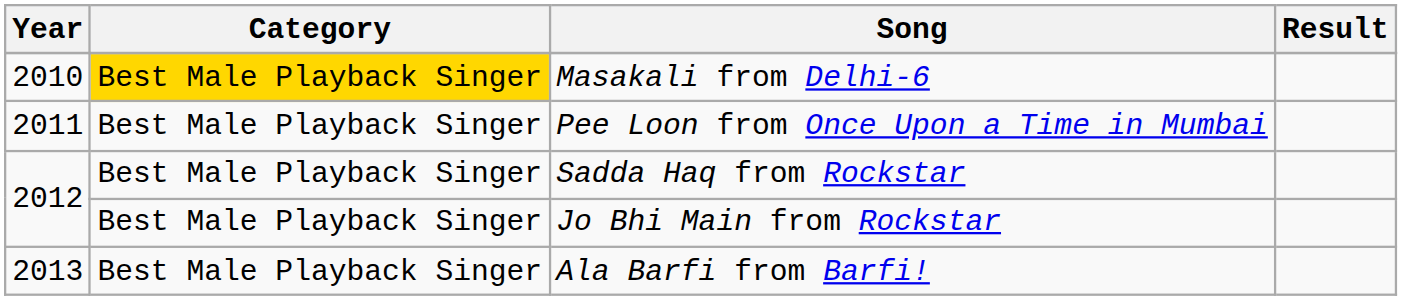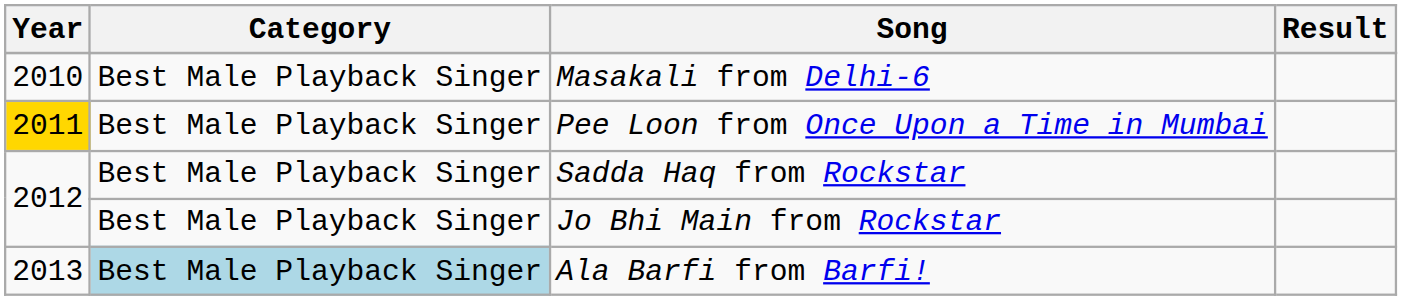 <table class="wikitable">
 <tr ---- bgcolor="#ebf5ff">
 <th>Year</th>
 <th>Category</th>
 <th>Song</th>
 <th>Result</th>
 </tr>
 <tr ---- bgcolor="#bfd7ff">
 </tr>
 <tr>
 <td>2010</td>
-<td style="background: gold;">Best Male Playback Singer</td>
+<td>Best Male Playback Singer</td>
 <td><em>Masakali</em> from <em><a href='#'>Delhi-6</a></em></td>
 <td></td>
 </tr>
 <tr>
-<td>2011</td>
+<td style="background: gold;">2011</td>
 <td>Best Male Playback Singer</td>
 <td><em>Pee Loon</em> from <em><a href='#'>Once Upon a Time in Mumbai</a></em></td>
 <td></td>
 </tr>
 <tr>
 <td rowspan="2">2012</td>
 <td>Best Male Playback Singer</td>
 <td><em>Sadda Haq</em> from <em><a href='#'>Rockstar</a></em></td>
 <td></td>
 </tr>
 <tr>
 <td>Best Male Playback Singer</td>
 <td><em>Jo Bhi Main</em> from <em><a href='#'>Rockstar</a></em></td>
 <td></td>
 </tr>
 <tr>
 <td>2013</td>
-<td>Best Male Playback Singer</td>
+<td style="background: lightblue;">Best Male Playback Singer</td>
 <td><em>Ala Barfi</em> from <em><a href='#'>Barfi!</a></em></td>
 <td></td>
 </tr>
 </table>
